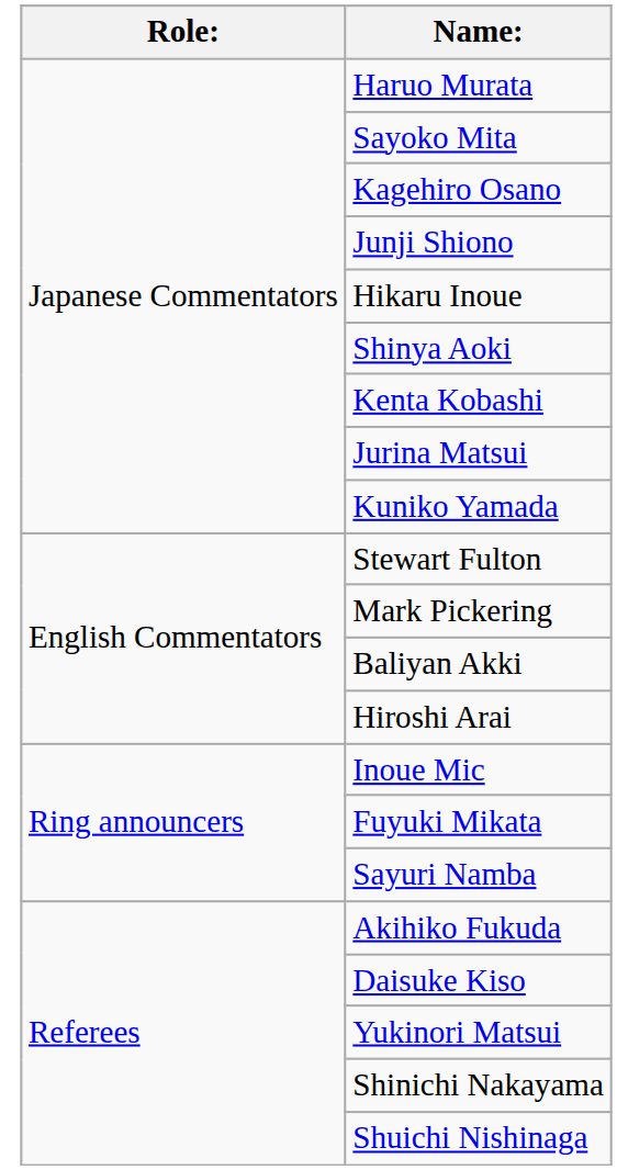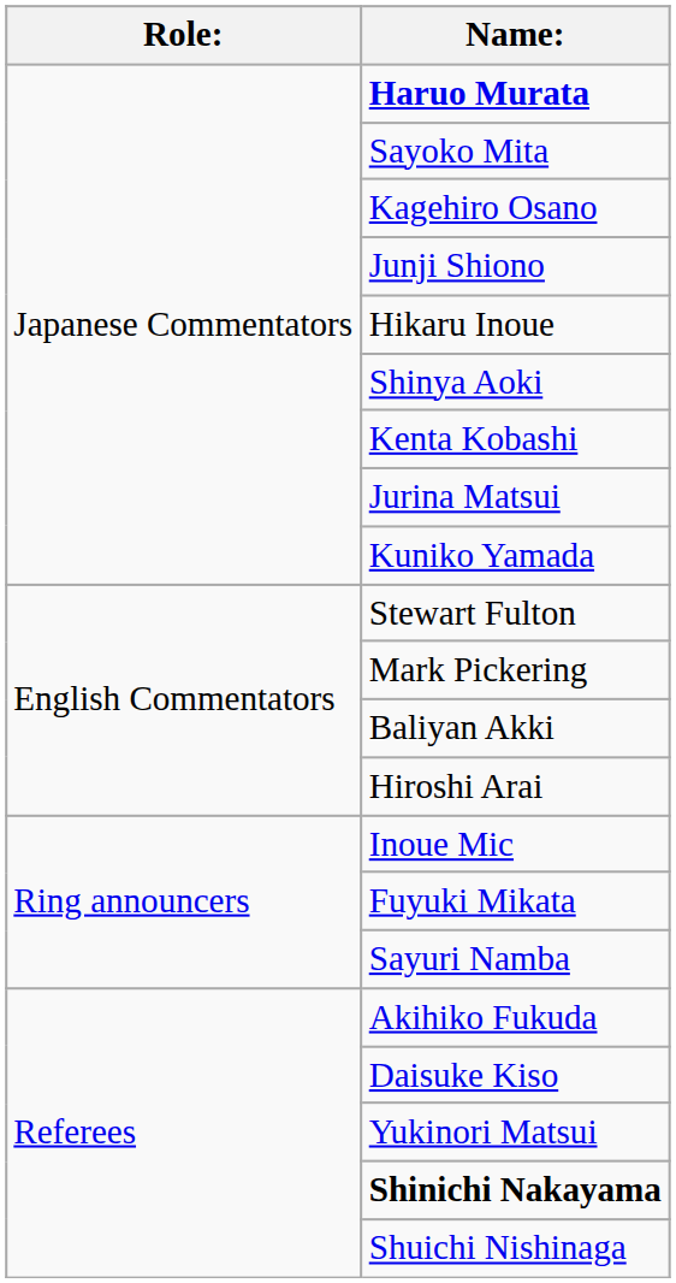 <table class=wikitable style="font-size:90%; margin: 0.5em 0 0.5em 1em; float: right; clear: right;">
 <tr>
 <th>Role:</th>
 <th>Name:</th>
 </tr>
 <tr>
 <td rowspan=9>Japanese Commentators</td>
-<td><a href='#'>Haruo Murata</a></td>
+<td><strong><a href='#'>Haruo Murata</a></strong></td>
 </tr>
 <tr>
 <td><a href='#'>Sayoko Mita</a></td>
 </tr>
 <tr>
 <td><a href='#'>Kagehiro Osano</a></td>
 </tr>
 <tr>
 <td><a href='#'>Junji Shiono</a></td>
 </tr>
 <tr>
 <td>Hikaru Inoue</td>
 </tr>
 <tr>
 <td><a href='#'>Shinya Aoki</a> </td>
 </tr>
 <tr>
 <td><a href='#'>Kenta Kobashi</a> </td>
 </tr>
 <tr>
 <td><a href='#'>Jurina Matsui</a> </td>
 </tr>
 <tr>
 <td><a href='#'>Kuniko Yamada</a> </td>
 </tr>
 <tr>
 <td rowspan=4>English Commentators</td>
 <td>Stewart Fulton</td>
 </tr>
 <tr>
 <td>Mark Pickering</td>
 </tr>
 <tr>
 <td>Baliyan Akki</td>
 </tr>
 <tr>
 <td>Hiroshi Arai</td>
 </tr>
 <tr>
 <td rowspan=3><a href='#'>Ring announcers</a></td>
 <td><a href='#'>Inoue Mic</a></td>
 </tr>
 <tr>
 <td><a href='#'>Fuyuki Mikata</a></td>
 </tr>
 <tr>
 <td><a href='#'>Sayuri Namba</a></td>
 </tr>
 <tr>
 <td rowspan=5><a href='#'>Referees</a></td>
 <td><a href='#'>Akihiko Fukuda</a></td>
 </tr>
 <tr>
 <td><a href='#'>Daisuke Kiso</a></td>
 </tr>
 <tr>
 <td><a href='#'>Yukinori Matsui</a></td>
 </tr>
 <tr>
-<td>Shinichi Nakayama</td>
+<td><strong>Shinichi Nakayama</strong></td>
 </tr>
 <tr>
 <td><a href='#'>Shuichi Nishinaga</a></td>
 </tr>
 </table>
